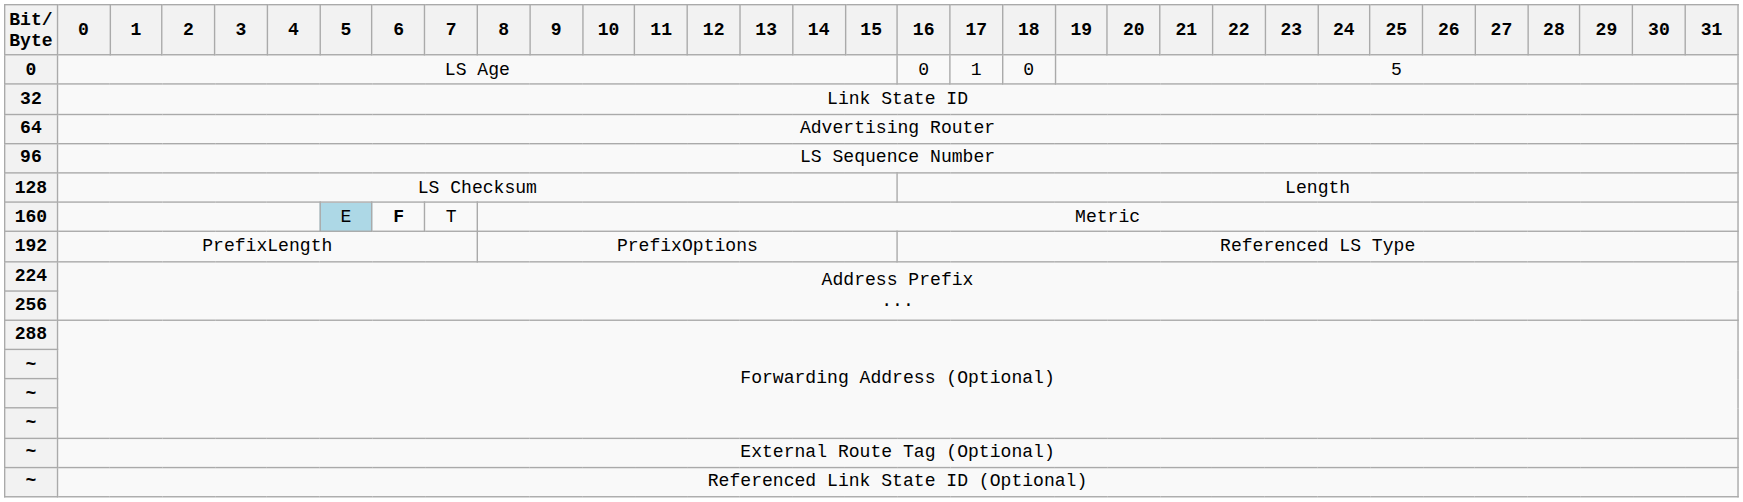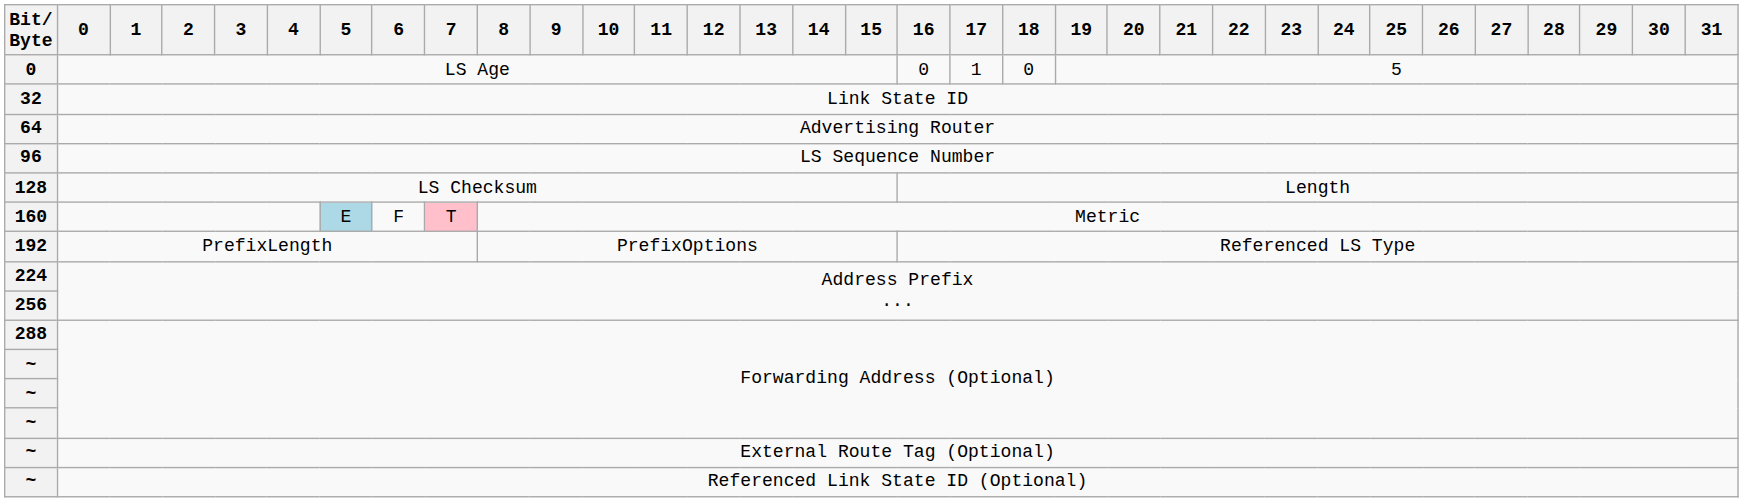 <table class="wikitable" style="text-align:center">
 <tr>
 <th width="3%">Bit/<br>Byte</th>
 <th colspan="1" width="3%">0</th>
 <th colspan="1" width="3%">1</th>
 <th colspan="1" width="3%">2</th>
 <th colspan="1" width="3%">3</th>
 <th colspan="1" width="3%">4</th>
 <th colspan="1" width="3%">5</th>
 <th colspan="1" width="3%">6</th>
 <th colspan="1" width="3%">7</th>
 <th colspan="1" width="3%">8</th>
 <th colspan="1" width="3%">9</th>
 <th colspan="1" width="3%">10</th>
 <th colspan="1" width="3%">11</th>
 <th colspan="1" width="3%">12</th>
 <th colspan="1" width="3%">13</th>
 <th colspan="1" width="3%">14</th>
 <th colspan="1" width="3%">15</th>
 <th colspan="1" width="3%">16</th>
 <th colspan="1" width="3%">17</th>
 <th colspan="1" width="3%">18</th>
 <th colspan="1" width="3%">19</th>
 <th colspan="1" width="3%">20</th>
 <th colspan="1" width="3%">21</th>
 <th colspan="1" width="3%">22</th>
 <th colspan="1" width="3%">23</th>
 <th colspan="1" width="3%">24</th>
 <th colspan="1" width="3%">25</th>
 <th colspan="1" width="3%">26</th>
 <th colspan="1" width="3%">27</th>
 <th colspan="1" width="3%">28</th>
 <th colspan="1" width="3%">29</th>
 <th colspan="1" width="3%">30</th>
 <th colspan="1" width="3%">31</th>
 </tr>
 <tr>
 <th>0</th>
 <td colspan="16">LS Age</td>
 <td colspan="1">0</td>
 <td colspan="1">1</td>
 <td colspan="1">0</td>
 <td colspan="13">5</td>
 </tr>
 <tr>
 <th>32</th>
 <td colspan="32">Link State ID</td>
 </tr>
 <tr>
 <th>64</th>
 <td colspan="32">Advertising Router</td>
 </tr>
 <tr>
 <th>96</th>
 <td colspan="32">LS Sequence Number</td>
 </tr>
 <tr>
 <th>128</th>
 <td colspan="16">LS Checksum</td>
 <td colspan="16">Length</td>
 </tr>
 <tr>
 <th>160</th>
 <td colspan="5"></td>
 <td colspan="1" style="background: lightblue;">E</td>
-<td colspan="1"><strong>F</strong></td>
-<td colspan="1">T</td>
+<td colspan="1">F</td>
+<td colspan="1" style="background: pink;">T</td>
 <td colspan="24">Metric</td>
 </tr>
 <tr>
 <th>192</th>
 <td colspan="8">PrefixLength</td>
 <td colspan="8">PrefixOptions</td>
 <td colspan="16">Referenced LS Type</td>
 </tr>
 <tr>
 <th>224</th>
 <td colspan="32" rowspan="2">Address Prefix<br>...</td>
 </tr>
 <tr>
 <th>256</th>
 </tr>
 <tr>
 <th>288</th>
 <td colspan="32" rowspan="4">Forwarding Address (Optional)</td>
 </tr>
 <tr>
 <th>~</th>
 </tr>
 <tr>
 <th>~</th>
 </tr>
 <tr>
 <th>~</th>
 </tr>
 <tr>
 <th>~</th>
 <td colspan="32">External Route Tag (Optional)</td>
 </tr>
 <tr>
 <th>~</th>
 <td colspan="32">Referenced Link State ID (Optional)</td>
 </tr>
 </table>
